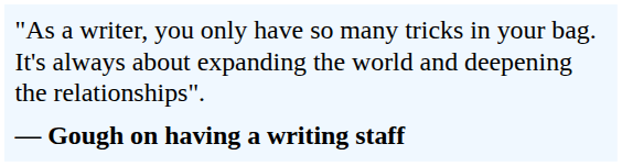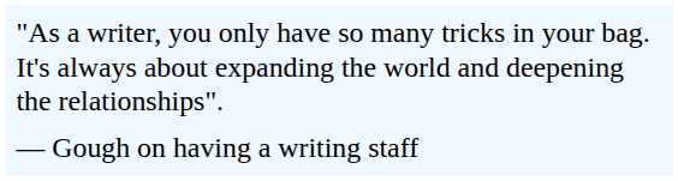 <table class="toccolours" style="float: right; margin-left: 1em; margin-right: 2em; font-size: 95%; background:#F0F8FF; color:black; width:30em; max-width: 40%;" cellspacing="5">
 <tr>
 <td style="text-align: left;">"As a writer, you only have so many tricks in your bag. It's always about expanding the world and deepening the relationships".</td>
 </tr>
 <tr>
-<td style="text-align: left;"><strong>— Gough on having a writing staff</strong></td>
+<td style="text-align: left;">— Gough on having a writing staff</td>
 </tr>
 </table>
